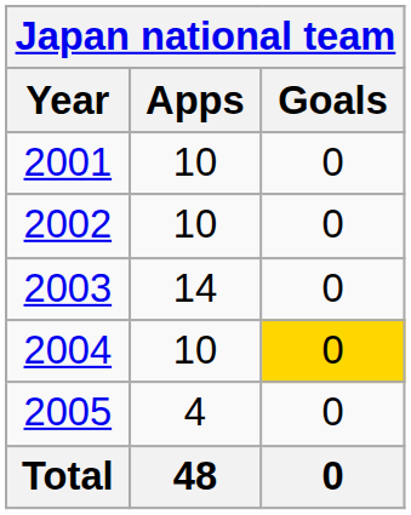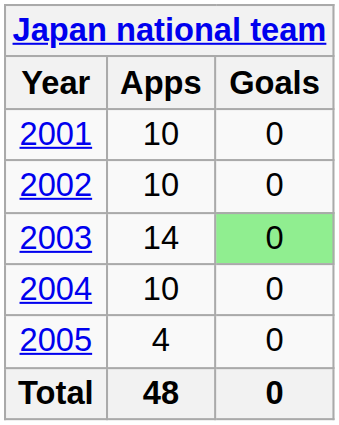 <table class="wikitable" style="text-align:center">
 <tr>
 <th colspan=3><a href='#'>Japan national team</a></th>
 </tr>
 <tr>
 <th>Year</th>
 <th>Apps</th>
 <th>Goals</th>
 </tr>
 <tr>
 <td><a href='#'>2001</a></td>
 <td>10</td>
 <td>0</td>
 </tr>
 <tr>
 <td><a href='#'>2002</a></td>
 <td>10</td>
 <td>0</td>
 </tr>
 <tr>
 <td><a href='#'>2003</a></td>
 <td>14</td>
-<td>0</td>
+<td style="background: lightgreen;">0</td>
 </tr>
 <tr>
 <td><a href='#'>2004</a></td>
 <td>10</td>
-<td style="background: gold;">0</td>
+<td>0</td>
 </tr>
 <tr>
 <td><a href='#'>2005</a></td>
 <td>4</td>
 <td>0</td>
 </tr>
 <tr>
 <th>Total</th>
 <th>48</th>
 <th>0</th>
 </tr>
 </table>
